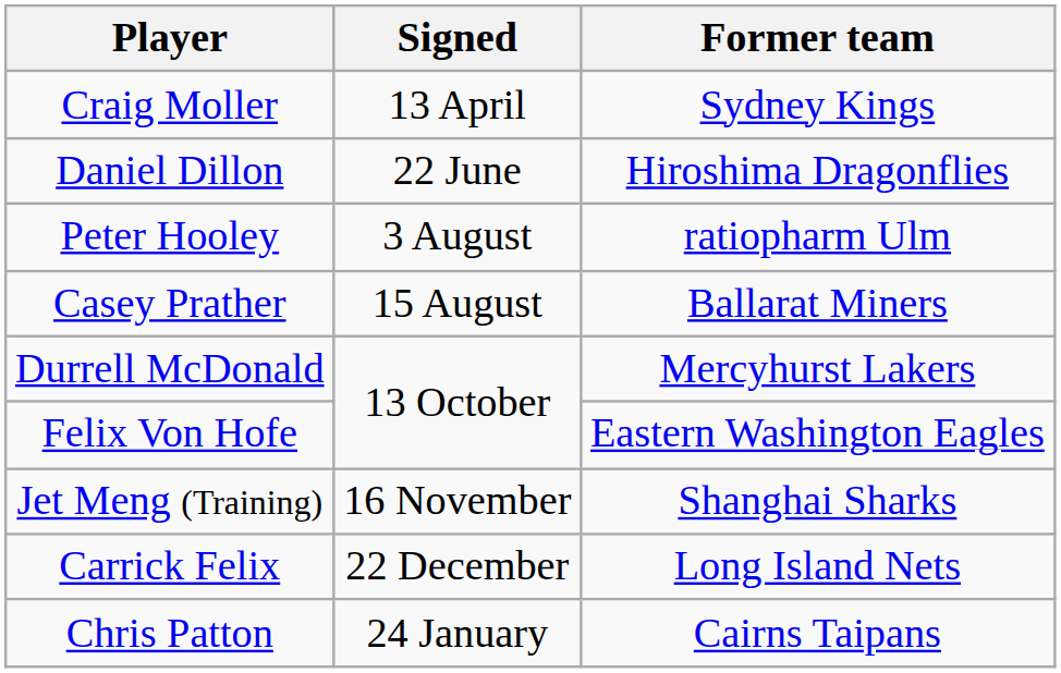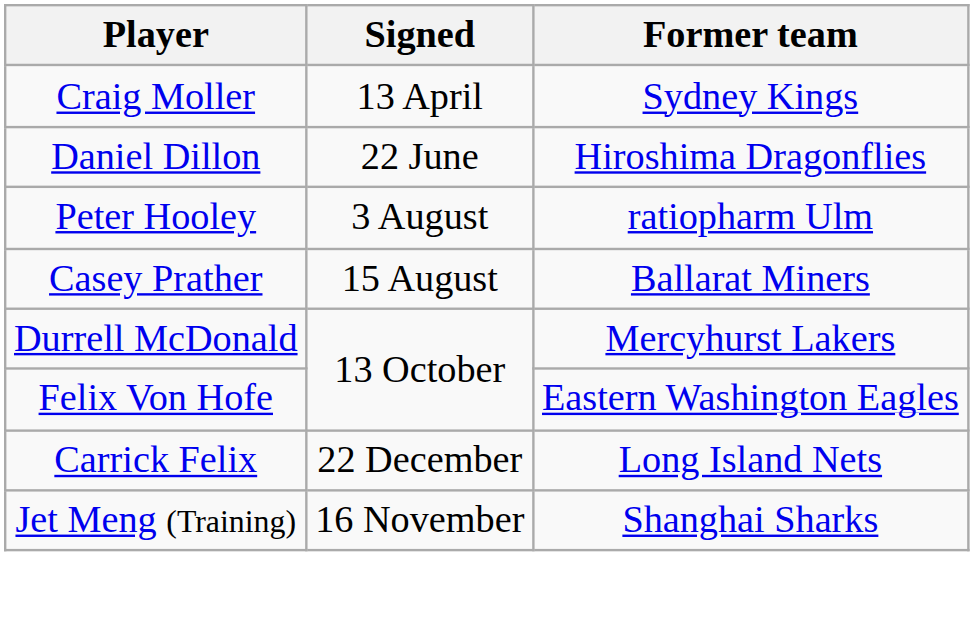 <table class="wikitable sortable sortable" style="text-align: center">
 <tr>
 <th>Player</th>
 <th>Signed</th>
 <th>Former team</th>
 </tr>
 <tr>
 <td><a href='#'>Craig Moller</a></td>
 <td>13 April</td>
 <td><a href='#'>Sydney Kings</a></td>
 </tr>
 <tr>
 <td><a href='#'>Daniel Dillon</a></td>
 <td>22 June</td>
 <td><a href='#'>Hiroshima Dragonflies</a></td>
 </tr>
 <tr>
 <td><a href='#'>Peter Hooley</a></td>
 <td>3 August</td>
 <td><a href='#'>ratiopharm Ulm</a></td>
 </tr>
 <tr>
 <td><a href='#'>Casey Prather</a></td>
 <td>15 August</td>
 <td><a href='#'>Ballarat Miners</a></td>
 </tr>
 <tr>
 <td><a href='#'>Durrell McDonald</a></td>
 <td rowspan="2">13 October</td>
 <td><a href='#'>Mercyhurst Lakers</a></td>
 </tr>
 <tr>
 <td><a href='#'>Felix Von Hofe</a></td>
 <td><a href='#'>Eastern Washington Eagles</a></td>
 </tr>
 <tr>
-<td><a href='#'>Jet Meng</a> <small>(Training)</small></td>
-<td>16 November</td>
-<td><a href='#'>Shanghai Sharks</a></td>
-</tr>
-<tr>
 <td><a href='#'>Carrick Felix</a></td>
 <td>22 December</td>
 <td><a href='#'>Long Island Nets</a></td>
 </tr>
 <tr>
-<td><a href='#'>Chris Patton</a></td>
-<td>24 January</td>
-<td><a href='#'>Cairns Taipans</a></td>
+<td><a href='#'>Jet Meng</a> <small>(Training)</small></td>
+<td>16 November</td>
+<td><a href='#'>Shanghai Sharks</a></td>
 </tr>
 </table>
